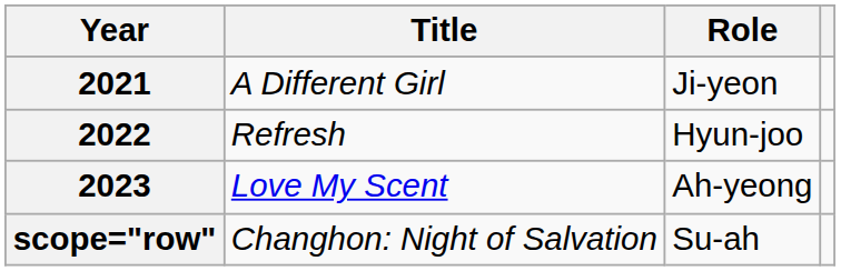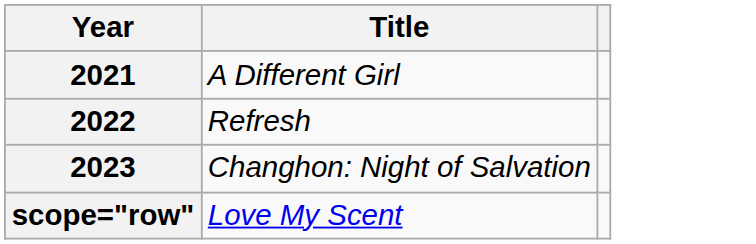 <table class="wikitable plainrowheaders sortable">
 <tr>
 <th scope="col">Year</th>
 <th scope="col">Title</th>
-<th scope="col">Role</th>
 <th scope="col" class="unsortable"></th>
 </tr>
 <tr>
 <th scope="row">2021</th>
 <td><em>A Different Girl</em></td>
-<td>Ji-yeon</td>
 <td style="text-align:center"></td>
 </tr>
 <tr>
 <th scope="row">2022</th>
 <td><em>Refresh</em></td>
-<td>Hyun-joo</td>
 <td style="text-align:center"></td>
 </tr>
 <tr>
 <th scope="row">2023</th>
-<td><em><a href='#'>Love My Scent</a></em></td>
-<td>Ah-yeong</td>
+<td><em>Changhon: Night of Salvation</em></td>
 <td></td>
 </tr>
 <tr>
 <th>scope="row" </th>
-<td><em>Changhon: Night of Salvation</em></td>
-<td>Su-ah</td>
+<td><em><a href='#'>Love My Scent</a></em></td>
 <td style="text-align:center"></td>
 </tr>
 </table>
